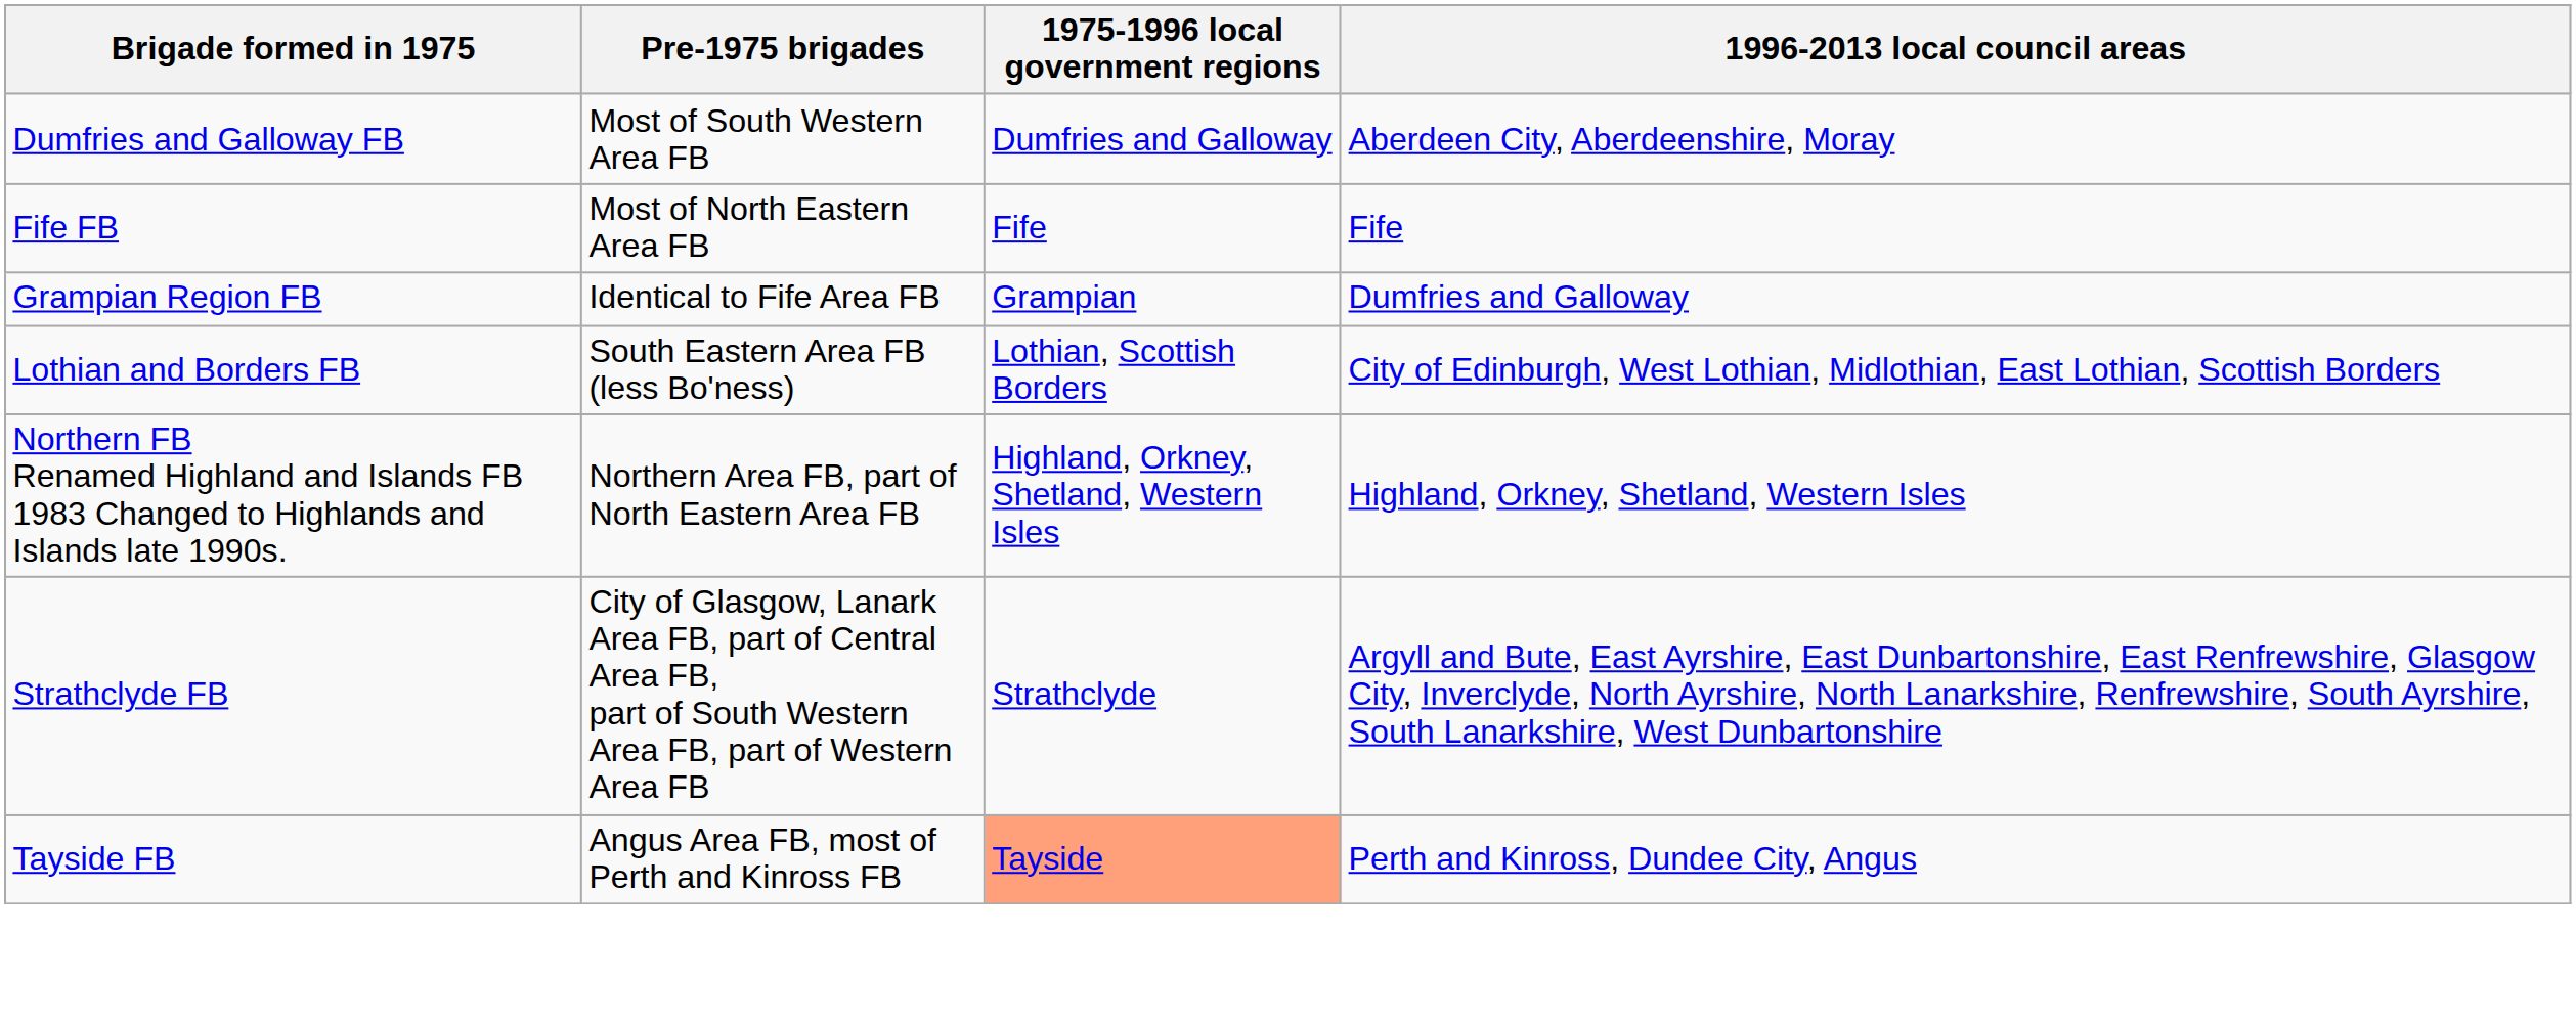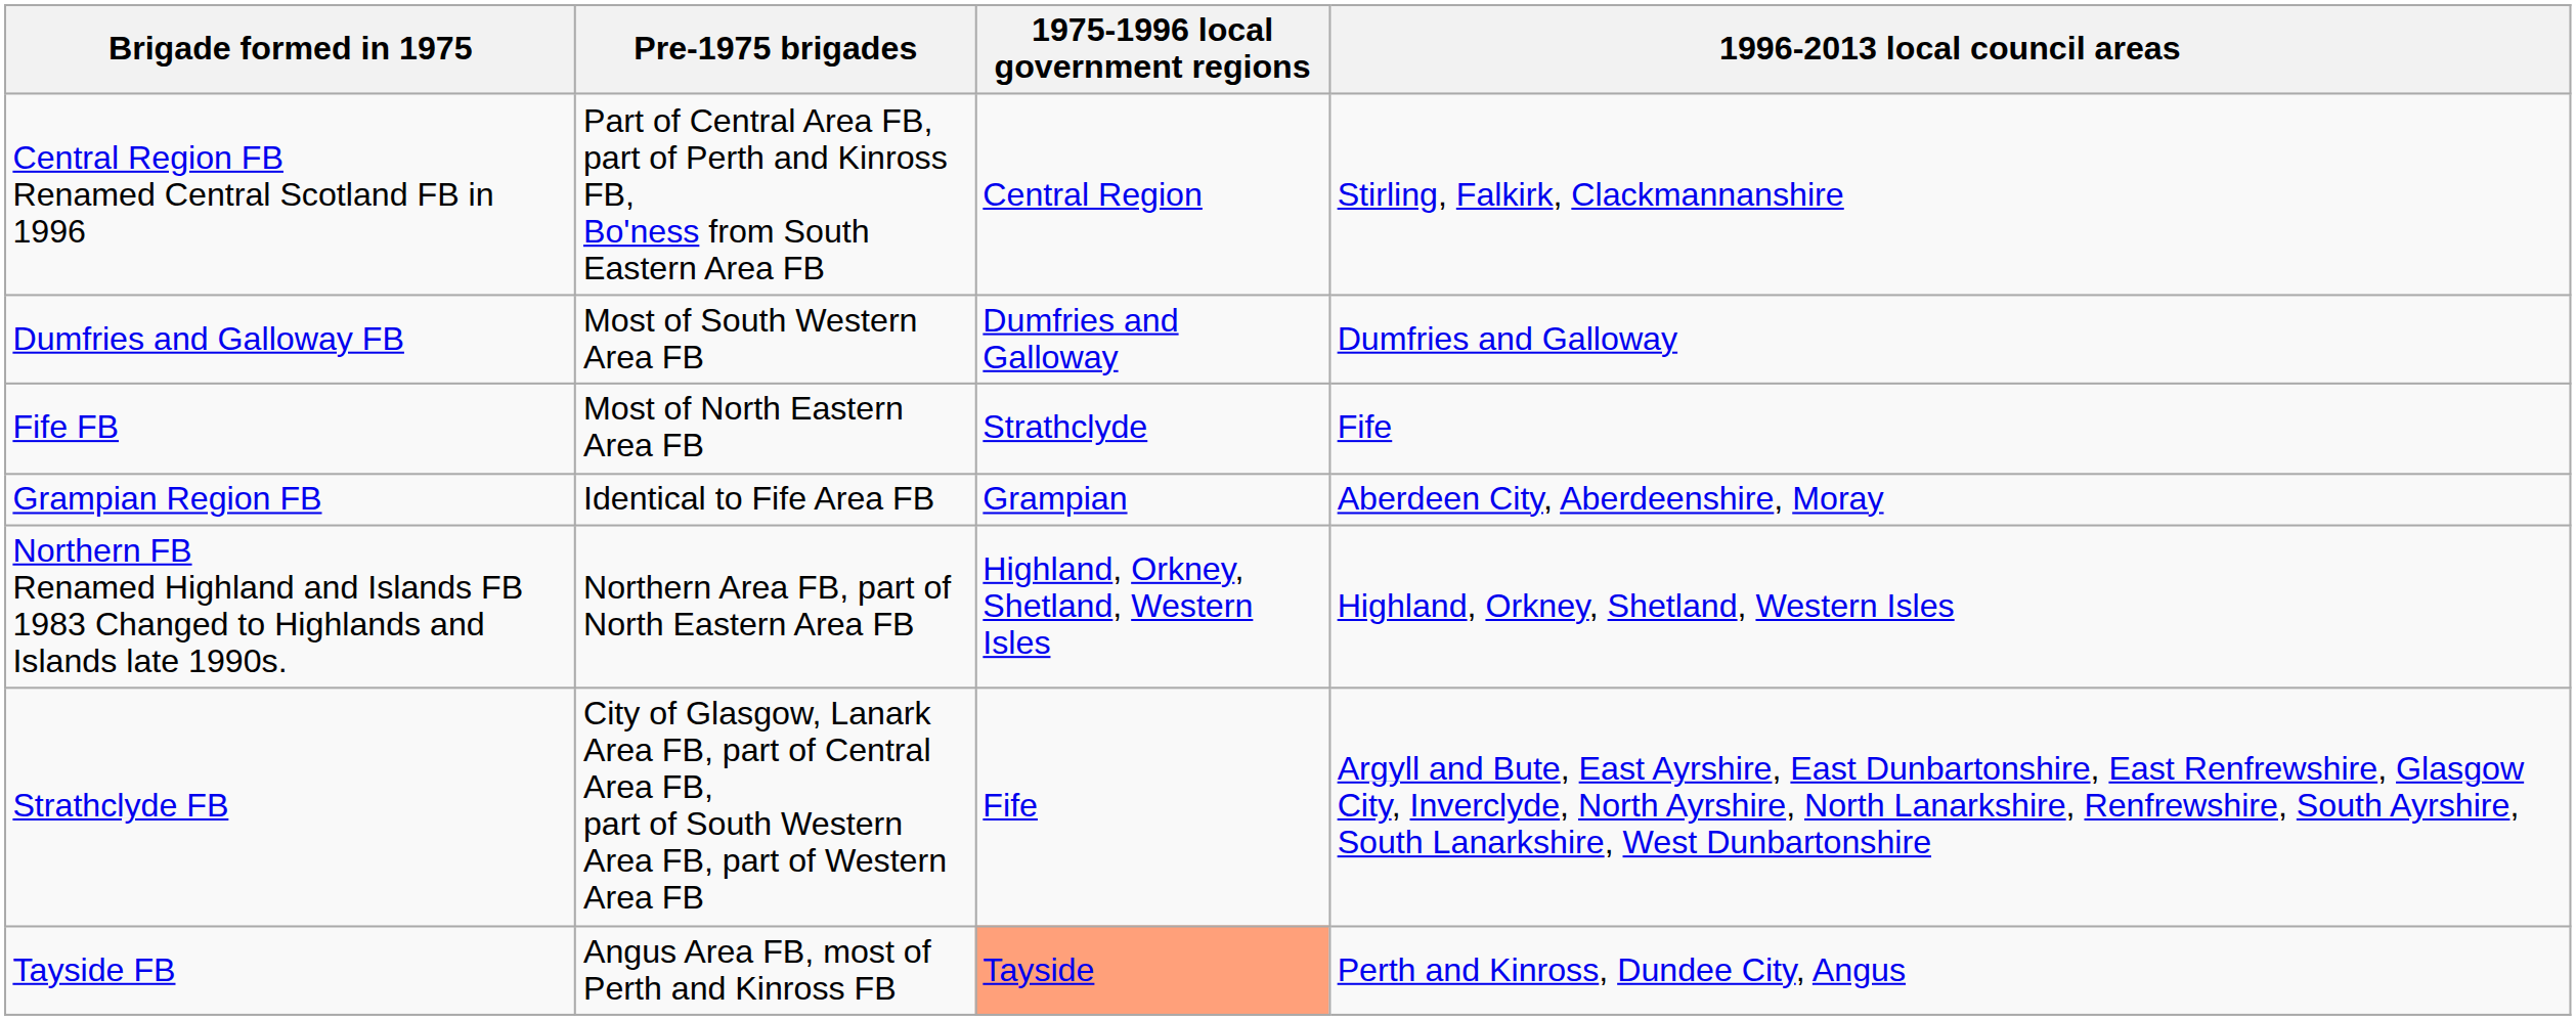 <table class="wikitable">
 <tr>
 <th>Brigade formed in 1975</th>
 <th>Pre-1975 brigades</th>
 <th>1975-1996 local government regions</th>
 <th>1996-2013 local council areas</th>
 </tr>
 <tr>
+<td><a href='#'>Central Region FB</a><br>Renamed Central Scotland FB in 1996</td>
+<td>Part of Central Area FB, <br>part of Perth and Kinross FB, <br><a href='#'>Bo'ness</a> from South Eastern Area FB</td>
+<td><a href='#'>Central Region</a></td>
+<td><a href='#'>Stirling</a>, <a href='#'>Falkirk</a>, <a href='#'>Clackmannanshire</a></td>
+</tr>
+<tr>
 <td><a href='#'>Dumfries and Galloway FB</a></td>
 <td>Most of South Western Area FB</td>
 <td><a href='#'>Dumfries and Galloway</a></td>
-<td><a href='#'>Aberdeen City</a>, <a href='#'>Aberdeenshire</a>, <a href='#'>Moray</a></td>
+<td><a href='#'>Dumfries and Galloway</a></td>
 </tr>
 <tr>
 <td><a href='#'>Fife FB</a></td>
 <td>Most of North Eastern Area FB</td>
-<td><a href='#'>Fife</a></td>
+<td><a href='#'>Strathclyde</a></td>
 <td><a href='#'>Fife</a></td>
 </tr>
 <tr>
 <td><a href='#'>Grampian Region FB</a></td>
 <td>Identical to Fife Area FB</td>
 <td><a href='#'>Grampian</a></td>
-<td><a href='#'>Dumfries and Galloway</a></td>
-</tr>
-<tr>
-<td><a href='#'>Lothian and Borders FB</a></td>
-<td>South Eastern Area FB (less Bo'ness)</td>
-<td><a href='#'>Lothian</a>, <a href='#'>Scottish Borders</a></td>
-<td><a href='#'>City of Edinburgh</a>, <a href='#'>West Lothian</a>, <a href='#'>Midlothian</a>, <a href='#'>East Lothian</a>, <a href='#'>Scottish Borders</a></td>
+<td><a href='#'>Aberdeen City</a>, <a href='#'>Aberdeenshire</a>, <a href='#'>Moray</a></td>
 </tr>
 <tr>
 <td><a href='#'>Northern FB</a><br>Renamed Highland and Islands FB 1983 Changed to Highlands and Islands late 1990s.</td>
 <td>Northern Area FB, part of North Eastern Area FB</td>
 <td><a href='#'>Highland</a>, <a href='#'>Orkney</a>, <a href='#'>Shetland</a>, <a href='#'>Western Isles</a></td>
 <td><a href='#'>Highland</a>, <a href='#'>Orkney</a>, <a href='#'>Shetland</a>, <a href='#'>Western Isles</a></td>
 </tr>
 <tr>
 <td><a href='#'>Strathclyde FB</a></td>
 <td>City of Glasgow, Lanark Area FB, part of Central Area FB, <br>part of South Western Area FB, part of Western Area FB</td>
-<td><a href='#'>Strathclyde</a></td>
+<td><a href='#'>Fife</a></td>
 <td><a href='#'>Argyll and Bute</a>, <a href='#'>East Ayrshire</a>, <a href='#'>East Dunbartonshire</a>, <a href='#'>East Renfrewshire</a>, <a href='#'>Glasgow City</a>, <a href='#'>Inverclyde</a>, <a href='#'>North Ayrshire</a>, <a href='#'>North Lanarkshire</a>, <a href='#'>Renfrewshire</a>, <a href='#'>South Ayrshire</a>, <a href='#'>South Lanarkshire</a>, <a href='#'>West Dunbartonshire</a></td>
 </tr>
 <tr>
 <td><a href='#'>Tayside FB</a></td>
 <td>Angus Area FB, most of Perth and Kinross FB</td>
 <td style="background: lightsalmon;"><a href='#'>Tayside</a></td>
 <td><a href='#'>Perth and Kinross</a>, <a href='#'>Dundee City</a>, <a href='#'>Angus</a></td>
 </tr>
 </table>
